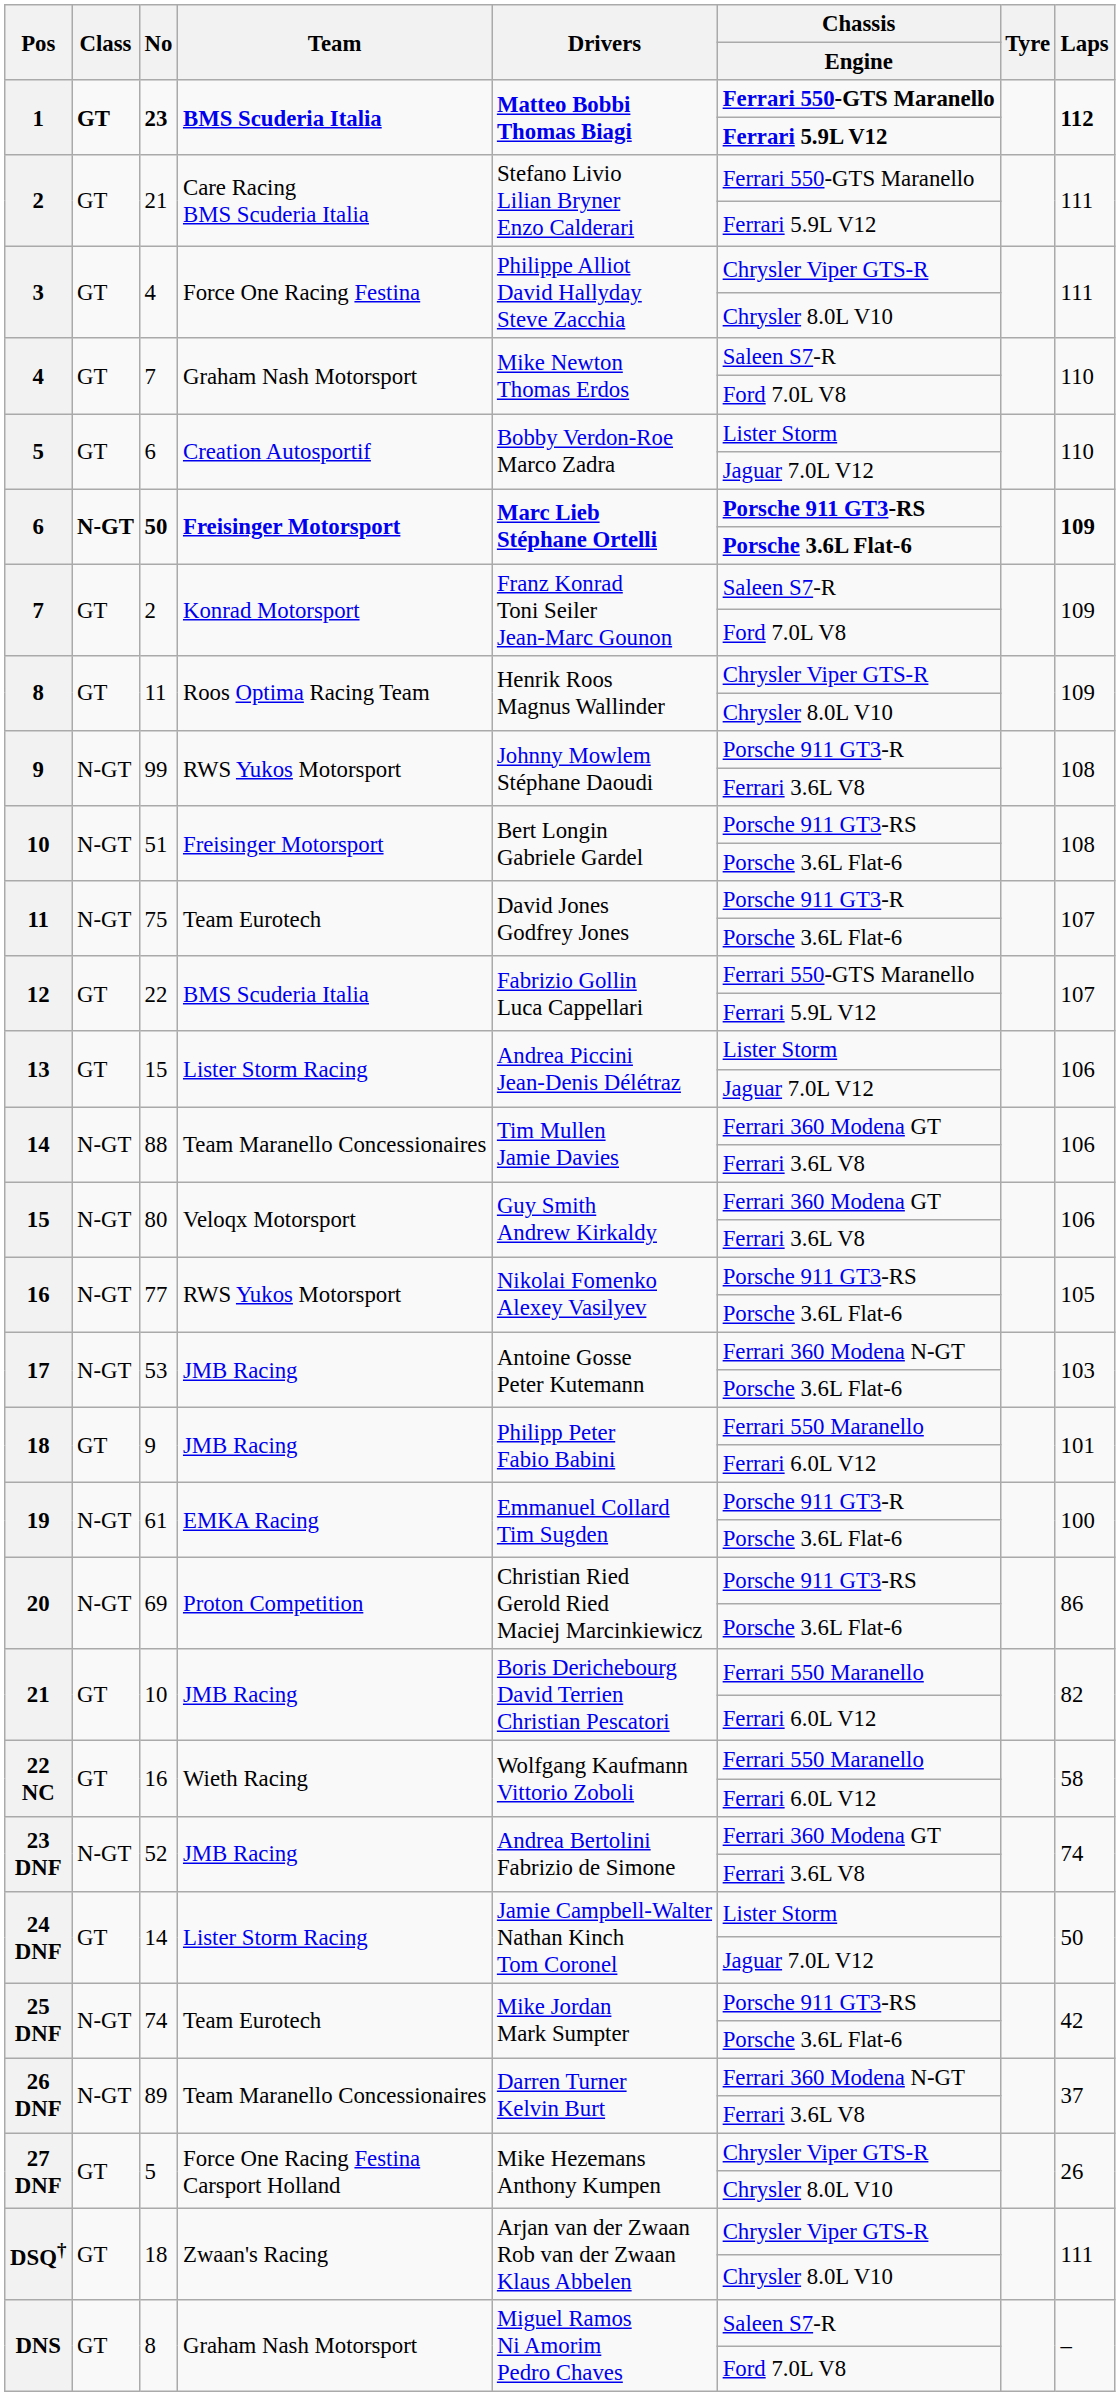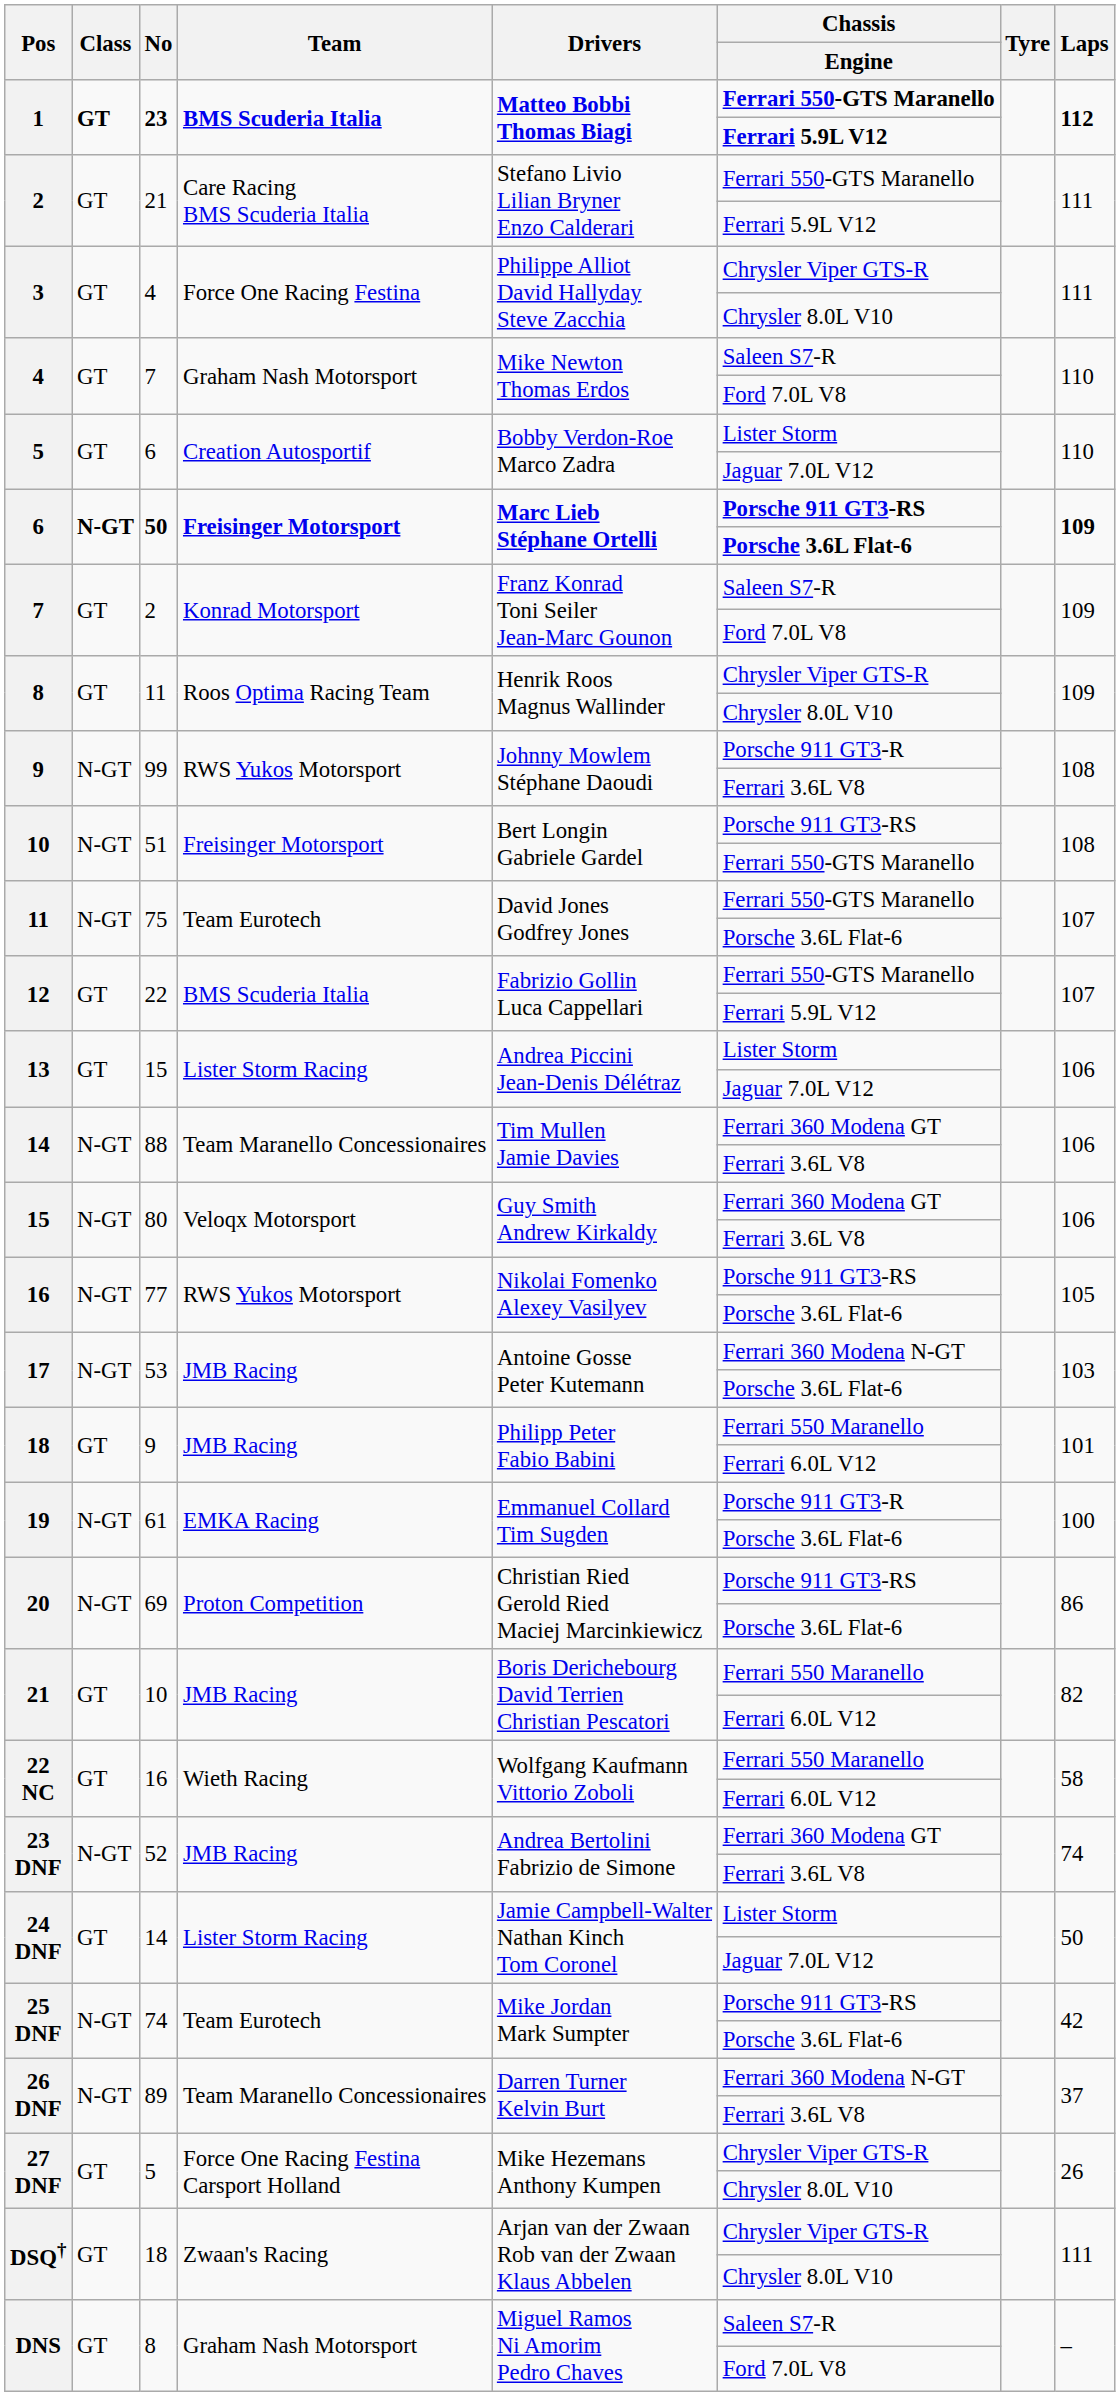 <table class="wikitable" style="font-size: 95%;">
 <tr>
 <th rowspan=2>Pos</th>
 <th rowspan=2>Class</th>
 <th rowspan=2>No</th>
 <th rowspan=2>Team</th>
 <th rowspan=2>Drivers</th>
 <th>Chassis</th>
 <th rowspan=2>Tyre</th>
 <th rowspan=2>Laps</th>
 </tr>
 <tr>
 <th>Engine</th>
 </tr>
 <tr style="font-weight:bold">
 <th rowspan=2>1</th>
 <td rowspan=2>GT</td>
 <td rowspan=2>23</td>
 <td rowspan=2> <a href='#'>BMS Scuderia Italia</a></td>
 <td rowspan=2> <a href='#'>Matteo Bobbi</a><br> <a href='#'>Thomas Biagi</a></td>
 <td><a href='#'>Ferrari 550</a>-GTS Maranello</td>
 <td rowspan=2></td>
 <td rowspan=2>112</td>
 </tr>
 <tr style="font-weight:bold">
 <td><a href='#'>Ferrari</a> 5.9L V12</td>
 </tr>
 <tr>
 <th rowspan=2>2</th>
 <td rowspan=2>GT</td>
 <td rowspan=2>21</td>
 <td rowspan=2> Care Racing<br> <a href='#'>BMS Scuderia Italia</a></td>
 <td rowspan=2> Stefano Livio<br> <a href='#'>Lilian Bryner</a><br> <a href='#'>Enzo Calderari</a></td>
 <td><a href='#'>Ferrari 550</a>-GTS Maranello</td>
 <td rowspan=2></td>
 <td rowspan=2>111</td>
 </tr>
 <tr>
 <td><a href='#'>Ferrari</a> 5.9L V12</td>
 </tr>
 <tr>
 <th rowspan=2>3</th>
 <td rowspan=2>GT</td>
 <td rowspan=2>4</td>
 <td rowspan=2> Force One Racing <a href='#'>Festina</a></td>
 <td rowspan=2> <a href='#'>Philippe Alliot</a><br> <a href='#'>David Hallyday</a><br> <a href='#'>Steve Zacchia</a></td>
 <td><a href='#'>Chrysler Viper GTS-R</a></td>
 <td rowspan=2></td>
 <td rowspan=2>111</td>
 </tr>
 <tr>
 <td><a href='#'>Chrysler</a> 8.0L V10</td>
 </tr>
 <tr>
 <th rowspan=2>4</th>
 <td rowspan=2>GT</td>
 <td rowspan=2>7</td>
 <td rowspan=2> Graham Nash Motorsport</td>
 <td rowspan=2> <a href='#'>Mike Newton</a><br> <a href='#'>Thomas Erdos</a></td>
 <td><a href='#'>Saleen S7</a>-R</td>
 <td rowspan=2></td>
 <td rowspan=2>110</td>
 </tr>
 <tr>
 <td><a href='#'>Ford</a> 7.0L V8</td>
 </tr>
 <tr>
 <th rowspan=2>5</th>
 <td rowspan=2>GT</td>
 <td rowspan=2>6</td>
 <td rowspan=2> <a href='#'>Creation Autosportif</a></td>
 <td rowspan=2> <a href='#'>Bobby Verdon-Roe</a><br> Marco Zadra</td>
 <td><a href='#'>Lister Storm</a></td>
 <td rowspan=2></td>
 <td rowspan=2>110</td>
 </tr>
 <tr>
 <td><a href='#'>Jaguar</a> 7.0L V12</td>
 </tr>
 <tr style="font-weight:bold">
 <th rowspan=2>6</th>
 <td rowspan=2>N-GT</td>
 <td rowspan=2>50</td>
 <td rowspan=2> <a href='#'>Freisinger Motorsport</a></td>
 <td rowspan=2> <a href='#'>Marc Lieb</a><br> <a href='#'>Stéphane Ortelli</a></td>
 <td><a href='#'>Porsche 911 GT3</a>-RS</td>
 <td rowspan=2></td>
 <td rowspan=2>109</td>
 </tr>
 <tr style="font-weight:bold">
 <td><a href='#'>Porsche</a> 3.6L Flat-6</td>
 </tr>
 <tr>
 <th rowspan=2>7</th>
 <td rowspan=2>GT</td>
 <td rowspan=2>2</td>
 <td rowspan=2> <a href='#'>Konrad Motorsport</a></td>
 <td rowspan=2> <a href='#'>Franz Konrad</a><br> Toni Seiler<br> <a href='#'>Jean-Marc Gounon</a></td>
 <td><a href='#'>Saleen S7</a>-R</td>
 <td rowspan=2></td>
 <td rowspan=2>109</td>
 </tr>
 <tr>
 <td><a href='#'>Ford</a> 7.0L V8</td>
 </tr>
 <tr>
 <th rowspan=2>8</th>
 <td rowspan=2>GT</td>
 <td rowspan=2>11</td>
 <td rowspan=2> Roos <a href='#'>Optima</a> Racing Team</td>
 <td rowspan=2> Henrik Roos<br> Magnus Wallinder</td>
 <td><a href='#'>Chrysler Viper GTS-R</a></td>
 <td rowspan=2></td>
 <td rowspan=2>109</td>
 </tr>
 <tr>
 <td><a href='#'>Chrysler</a> 8.0L V10</td>
 </tr>
 <tr>
 <th rowspan=2>9</th>
 <td rowspan=2>N-GT</td>
 <td rowspan=2>99</td>
 <td rowspan=2> RWS <a href='#'>Yukos</a> Motorsport</td>
 <td rowspan=2> <a href='#'>Johnny Mowlem</a><br> Stéphane Daoudi</td>
 <td><a href='#'>Porsche 911 GT3</a>-R</td>
 <td rowspan=2></td>
 <td rowspan=2>108</td>
 </tr>
 <tr>
 <td><a href='#'>Ferrari</a> 3.6L V8</td>
 </tr>
 <tr>
 <th rowspan=2>10</th>
 <td rowspan=2>N-GT</td>
 <td rowspan=2>51</td>
 <td rowspan=2> <a href='#'>Freisinger Motorsport</a></td>
 <td rowspan=2> Bert Longin<br> Gabriele Gardel</td>
 <td><a href='#'>Porsche 911 GT3</a>-RS</td>
 <td rowspan=2></td>
 <td rowspan=2>108</td>
 </tr>
 <tr>
-<td><a href='#'>Porsche</a> 3.6L Flat-6</td>
+<td><a href='#'>Ferrari 550</a>-GTS Maranello</td>
 </tr>
 <tr>
 <th rowspan=2>11</th>
 <td rowspan=2>N-GT</td>
 <td rowspan=2>75</td>
 <td rowspan=2> Team Eurotech</td>
 <td rowspan=2> David Jones<br> Godfrey Jones</td>
-<td><a href='#'>Porsche 911 GT3</a>-R</td>
+<td><a href='#'>Ferrari 550</a>-GTS Maranello</td>
 <td rowspan=2></td>
 <td rowspan=2>107</td>
 </tr>
 <tr>
 <td><a href='#'>Porsche</a> 3.6L Flat-6</td>
 </tr>
 <tr>
 <th rowspan=2>12</th>
 <td rowspan=2>GT</td>
 <td rowspan=2>22</td>
 <td rowspan=2> <a href='#'>BMS Scuderia Italia</a></td>
 <td rowspan=2> <a href='#'>Fabrizio Gollin</a><br> Luca Cappellari</td>
 <td><a href='#'>Ferrari 550</a>-GTS Maranello</td>
 <td rowspan=2></td>
 <td rowspan=2>107</td>
 </tr>
 <tr>
 <td><a href='#'>Ferrari</a> 5.9L V12</td>
 </tr>
 <tr>
 <th rowspan=2>13</th>
 <td rowspan=2>GT</td>
 <td rowspan=2>15</td>
 <td rowspan=2> <a href='#'>Lister Storm Racing</a></td>
 <td rowspan=2> <a href='#'>Andrea Piccini</a><br> <a href='#'>Jean-Denis Délétraz</a></td>
 <td><a href='#'>Lister Storm</a></td>
 <td rowspan=2></td>
 <td rowspan=2>106</td>
 </tr>
 <tr>
 <td><a href='#'>Jaguar</a> 7.0L V12</td>
 </tr>
 <tr>
 <th rowspan=2>14</th>
 <td rowspan=2>N-GT</td>
 <td rowspan=2>88</td>
 <td rowspan=2> Team Maranello Concessionaires</td>
 <td rowspan=2> <a href='#'>Tim Mullen</a><br> <a href='#'>Jamie Davies</a></td>
 <td><a href='#'>Ferrari 360 Modena</a> GT</td>
 <td rowspan=2></td>
 <td rowspan=2>106</td>
 </tr>
 <tr>
 <td><a href='#'>Ferrari</a> 3.6L V8</td>
 </tr>
 <tr>
 <th rowspan=2>15</th>
 <td rowspan=2>N-GT</td>
 <td rowspan=2>80</td>
 <td rowspan=2> Veloqx Motorsport</td>
 <td rowspan=2> <a href='#'>Guy Smith</a><br> <a href='#'>Andrew Kirkaldy</a></td>
 <td><a href='#'>Ferrari 360 Modena</a> GT</td>
 <td rowspan=2></td>
 <td rowspan=2>106</td>
 </tr>
 <tr>
 <td><a href='#'>Ferrari</a> 3.6L V8</td>
 </tr>
 <tr>
 <th rowspan=2>16</th>
 <td rowspan=2>N-GT</td>
 <td rowspan=2>77</td>
 <td rowspan=2> RWS <a href='#'>Yukos</a> Motorsport</td>
 <td rowspan=2> <a href='#'>Nikolai Fomenko</a><br> <a href='#'>Alexey Vasilyev</a></td>
 <td><a href='#'>Porsche 911 GT3</a>-RS</td>
 <td rowspan=2></td>
 <td rowspan=2>105</td>
 </tr>
 <tr>
 <td><a href='#'>Porsche</a> 3.6L Flat-6</td>
 </tr>
 <tr>
 <th rowspan=2>17</th>
 <td rowspan=2>N-GT</td>
 <td rowspan=2>53</td>
 <td rowspan=2> <a href='#'>JMB Racing</a></td>
 <td rowspan=2> Antoine Gosse<br> Peter Kutemann</td>
 <td><a href='#'>Ferrari 360 Modena</a> N-GT</td>
 <td rowspan=2></td>
 <td rowspan=2>103</td>
 </tr>
 <tr>
 <td><a href='#'>Porsche</a> 3.6L Flat-6</td>
 </tr>
 <tr>
 <th rowspan=2>18</th>
 <td rowspan=2>GT</td>
 <td rowspan=2>9</td>
 <td rowspan=2> <a href='#'>JMB Racing</a></td>
 <td rowspan=2> <a href='#'>Philipp Peter</a><br> <a href='#'>Fabio Babini</a></td>
 <td><a href='#'>Ferrari 550 Maranello</a></td>
 <td rowspan=2></td>
 <td rowspan=2>101</td>
 </tr>
 <tr>
 <td><a href='#'>Ferrari</a> 6.0L V12</td>
 </tr>
 <tr>
 <th rowspan=2>19</th>
 <td rowspan=2>N-GT</td>
 <td rowspan=2>61</td>
 <td rowspan=2> <a href='#'>EMKA Racing</a></td>
 <td rowspan=2> <a href='#'>Emmanuel Collard</a><br> <a href='#'>Tim Sugden</a></td>
 <td><a href='#'>Porsche 911 GT3</a>-R</td>
 <td rowspan=2></td>
 <td rowspan=2>100</td>
 </tr>
 <tr>
 <td><a href='#'>Porsche</a> 3.6L Flat-6</td>
 </tr>
 <tr>
 <th rowspan=2>20</th>
 <td rowspan=2>N-GT</td>
 <td rowspan=2>69</td>
 <td rowspan=2> <a href='#'>Proton Competition</a></td>
 <td rowspan=2> Christian Ried<br> Gerold Ried<br> Maciej Marcinkiewicz</td>
 <td><a href='#'>Porsche 911 GT3</a>-RS</td>
 <td rowspan=2></td>
 <td rowspan=2>86</td>
 </tr>
 <tr>
 <td><a href='#'>Porsche</a> 3.6L Flat-6</td>
 </tr>
 <tr>
 <th rowspan=2>21</th>
 <td rowspan=2>GT</td>
 <td rowspan=2>10</td>
 <td rowspan=2> <a href='#'>JMB Racing</a></td>
 <td rowspan=2> <a href='#'>Boris Derichebourg</a><br> <a href='#'>David Terrien</a><br> <a href='#'>Christian Pescatori</a></td>
 <td><a href='#'>Ferrari 550 Maranello</a></td>
 <td rowspan=2></td>
 <td rowspan=2>82</td>
 </tr>
 <tr>
 <td><a href='#'>Ferrari</a> 6.0L V12</td>
 </tr>
 <tr>
 <th rowspan=2>22<br>NC</th>
 <td rowspan=2>GT</td>
 <td rowspan=2>16</td>
 <td rowspan=2> Wieth Racing</td>
 <td rowspan=2> Wolfgang Kaufmann<br> <a href='#'>Vittorio Zoboli</a></td>
 <td><a href='#'>Ferrari 550 Maranello</a></td>
 <td rowspan=2></td>
 <td rowspan=2>58</td>
 </tr>
 <tr>
 <td><a href='#'>Ferrari</a> 6.0L V12</td>
 </tr>
 <tr>
 <th rowspan=2>23<br>DNF</th>
 <td rowspan=2>N-GT</td>
 <td rowspan=2>52</td>
 <td rowspan=2> <a href='#'>JMB Racing</a></td>
 <td rowspan=2> <a href='#'>Andrea Bertolini</a><br> Fabrizio de Simone</td>
 <td><a href='#'>Ferrari 360 Modena</a> GT</td>
 <td rowspan=2></td>
 <td rowspan=2>74</td>
 </tr>
 <tr>
 <td><a href='#'>Ferrari</a> 3.6L V8</td>
 </tr>
 <tr>
 <th rowspan=2>24<br>DNF</th>
 <td rowspan=2>GT</td>
 <td rowspan=2>14</td>
 <td rowspan=2> <a href='#'>Lister Storm Racing</a></td>
 <td rowspan=2> <a href='#'>Jamie Campbell-Walter</a><br> Nathan Kinch<br> <a href='#'>Tom Coronel</a></td>
 <td><a href='#'>Lister Storm</a></td>
 <td rowspan=2></td>
 <td rowspan=2>50</td>
 </tr>
 <tr>
 <td><a href='#'>Jaguar</a> 7.0L V12</td>
 </tr>
 <tr>
 <th rowspan=2>25<br>DNF</th>
 <td rowspan=2>N-GT</td>
 <td rowspan=2>74</td>
 <td rowspan=2> Team Eurotech</td>
 <td rowspan=2> <a href='#'>Mike Jordan</a><br> Mark Sumpter</td>
 <td><a href='#'>Porsche 911 GT3</a>-RS</td>
 <td rowspan=2></td>
 <td rowspan=2>42</td>
 </tr>
 <tr>
 <td><a href='#'>Porsche</a> 3.6L Flat-6</td>
 </tr>
 <tr>
 <th rowspan=2>26<br>DNF</th>
 <td rowspan=2>N-GT</td>
 <td rowspan=2>89</td>
 <td rowspan=2> Team Maranello Concessionaires</td>
 <td rowspan=2> <a href='#'>Darren Turner</a><br> <a href='#'>Kelvin Burt</a></td>
 <td><a href='#'>Ferrari 360 Modena</a> N-GT</td>
 <td rowspan=2></td>
 <td rowspan=2>37</td>
 </tr>
 <tr>
 <td><a href='#'>Ferrari</a> 3.6L V8</td>
 </tr>
 <tr>
 <th rowspan=2>27<br>DNF</th>
 <td rowspan=2>GT</td>
 <td rowspan=2>5</td>
 <td rowspan=2> Force One Racing <a href='#'>Festina</a><br> Carsport Holland</td>
 <td rowspan=2> Mike Hezemans<br> Anthony Kumpen</td>
 <td><a href='#'>Chrysler Viper GTS-R</a></td>
 <td rowspan=2></td>
 <td rowspan=2>26</td>
 </tr>
 <tr>
 <td><a href='#'>Chrysler</a> 8.0L V10</td>
 </tr>
 <tr>
 <th rowspan=2>DSQ<sup>†</sup></th>
 <td rowspan=2>GT</td>
 <td rowspan=2>18</td>
 <td rowspan=2> Zwaan's Racing</td>
 <td rowspan=2> Arjan van der Zwaan<br> Rob van der Zwaan<br> <a href='#'>Klaus Abbelen</a></td>
 <td><a href='#'>Chrysler Viper GTS-R</a></td>
 <td rowspan=2></td>
 <td rowspan=2>111</td>
 </tr>
 <tr>
 <td><a href='#'>Chrysler</a> 8.0L V10</td>
 </tr>
 <tr>
 <th rowspan=2>DNS</th>
 <td rowspan=2>GT</td>
 <td rowspan=2>8</td>
 <td rowspan=2> Graham Nash Motorsport</td>
 <td rowspan=2> <a href='#'>Miguel Ramos</a><br> <a href='#'>Ni Amorim</a><br> <a href='#'>Pedro Chaves</a></td>
 <td><a href='#'>Saleen S7</a>-R</td>
 <td rowspan=2></td>
 <td rowspan=2>–</td>
 </tr>
 <tr>
 <td><a href='#'>Ford</a> 7.0L V8</td>
 </tr>
 </table>
